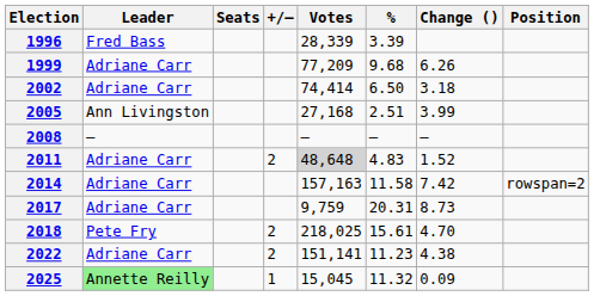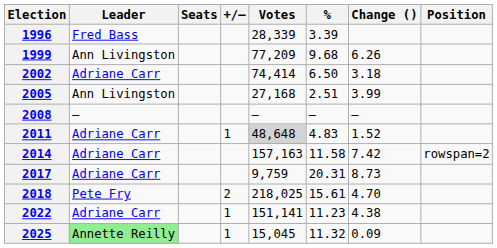 <table class="wikitable sortable">
 <tr>
 <th>Election</th>
 <th>Leader</th>
 <th>Seats</th>
 <th>+/–</th>
 <th>Votes</th>
 <th>%</th>
 <th>Change (<a href='#'></a>)</th>
 <th>Position</th>
 </tr>
 <tr>
 <th><a href='#'>1996</a></th>
 <td><a href='#'>Fred Bass</a></td>
 <td></td>
 <td></td>
 <td>28,339</td>
 <td>3.39</td>
 <td></td>
 <td></td>
 </tr>
 <tr>
 <th><a href='#'>1999</a></th>
-<td><a href='#'>Adriane Carr</a></td>
+<td>Ann Livingston</td>
 <td></td>
 <td></td>
 <td>77,209</td>
 <td>9.68</td>
 <td> 6.26</td>
 <td></td>
 </tr>
 <tr>
 <th><a href='#'>2002</a></th>
 <td><a href='#'>Adriane Carr</a></td>
 <td></td>
 <td></td>
 <td>74,414</td>
 <td>6.50</td>
 <td> 3.18</td>
 <td></td>
 </tr>
 <tr>
 <th><a href='#'>2005</a></th>
 <td>Ann Livingston</td>
 <td></td>
 <td></td>
 <td>27,168</td>
 <td>2.51</td>
 <td> 3.99</td>
 <td></td>
 </tr>
 <tr>
 <th><a href='#'>2008</a></th>
 <td>–</td>
 <td></td>
 <td></td>
 <td>–</td>
 <td>–</td>
 <td>–</td>
 <td></td>
 </tr>
 <tr>
 <th><a href='#'>2011</a></th>
 <td><a href='#'>Adriane Carr</a></td>
 <td></td>
-<td> 2</td>
+<td> 1</td>
 <td style="background: lightgrey;">48,648</td>
 <td>4.83</td>
 <td> 1.52</td>
 <td></td>
 </tr>
 <tr>
 <th><a href='#'>2014</a></th>
 <td><a href='#'>Adriane Carr</a></td>
 <td></td>
 <td></td>
 <td>157,163</td>
 <td>11.58</td>
 <td> 7.42</td>
 <td>rowspan=2 </td>
 </tr>
 <tr>
 <th><a href='#'>2017</a></th>
 <td><a href='#'>Adriane Carr</a></td>
 <td></td>
 <td></td>
 <td>9,759</td>
 <td>20.31</td>
 <td> 8.73</td>
 </tr>
 <tr>
 <th><a href='#'>2018</a></th>
 <td><a href='#'>Pete Fry</a></td>
 <td></td>
 <td> 2</td>
 <td>218,025</td>
 <td>15.61</td>
 <td> 4.70</td>
 <td></td>
 </tr>
 <tr>
 <th><a href='#'>2022</a></th>
 <td><a href='#'>Adriane Carr</a></td>
 <td></td>
-<td> 2</td>
+<td> 1</td>
 <td>151,141</td>
 <td>11.23</td>
 <td> 4.38</td>
 <td></td>
 </tr>
 <tr>
 <th><a href='#'>2025</a></th>
 <td style="background: lightgreen;">Annette Reilly</td>
 <td></td>
 <td> 1</td>
 <td>15,045</td>
 <td>11.32</td>
 <td> 0.09</td>
 <td></td>
 </tr>
 </table>
